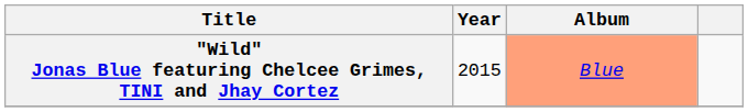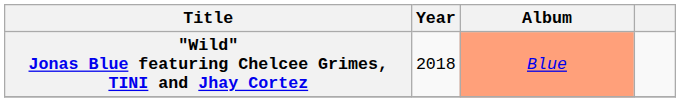 <table class="wikitable plainrowheaders" style="text-align:center;">
 <tr>
 <th scope="col" style="width:24em;">Title</th>
 <th scope="col" style="width:2em;">Year</th>
 <th scope="col" style="width:10em;">Album</th>
 <th scope="col" style="width:2em;" class="unsortable"></th>
 </tr>
 <tr>
 <th scope="row">"Wild"<br><span> <a href='#'>Jonas Blue</a> featuring Chelcee Grimes, <a href='#'>TINI</a> and <a href='#'>Jhay Cortez</a></span></th>
-<td>2015</td>
+<td>2018</td>
 <td style="background: lightsalmon;"><em><a href='#'>Blue</a></em></td>
 <td></td>
 </tr>
 <tr>
 </tr>
 </table>
